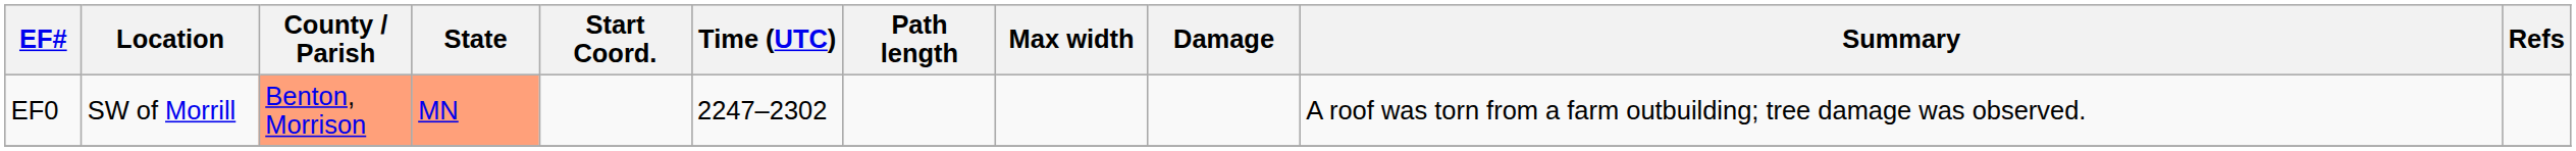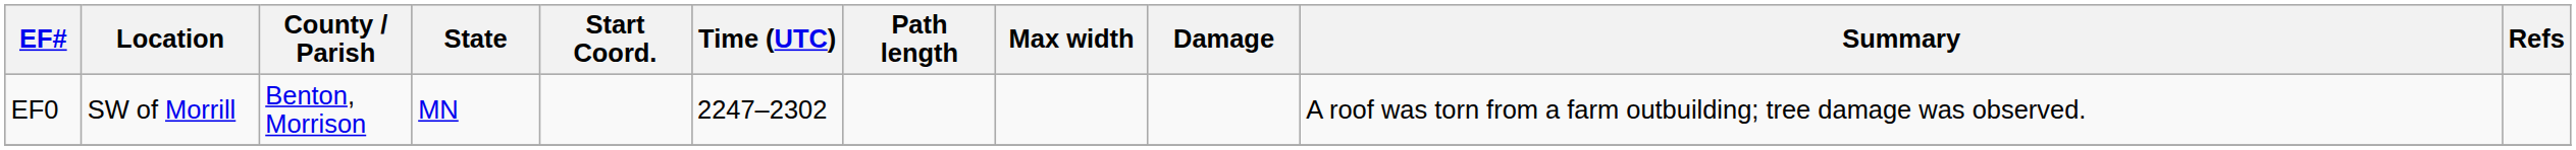 <table class="wikitable sortable" style="width:100%;">
 <tr>
 <th scope="col" width="3%" align="center"><a href='#'>EF#</a></th>
 <th scope="col" width="7%" align="center" class="unsortable">Location</th>
 <th scope="col" width="6%" align="center" class="unsortable">County / Parish</th>
 <th scope="col" width="5%" align="center">State</th>
 <th scope="col" width="6%" align="center">Start Coord.</th>
 <th scope="col" width="6%" align="center">Time (<a href='#'>UTC</a>)</th>
 <th scope="col" width="6%" align="center">Path length</th>
 <th scope="col" width="6%" align="center">Max width</th>
 <th scope="col" width="6%" align="center">Damage</th>
 <th scope="col" width="48%" class="unsortable" align="center">Summary</th>
 <th scope="col" width="48%" class="unsortable" align="center">Refs</th>
 </tr>
 <tr>
 <td>EF0</td>
 <td>SW of <a href='#'>Morrill</a></td>
-<td style="background: lightsalmon;"><a href='#'>Benton</a>, <a href='#'>Morrison</a></td>
-<td style="background: lightsalmon;"><a href='#'>MN</a></td>
+<td><a href='#'>Benton</a>, <a href='#'>Morrison</a></td>
+<td><a href='#'>MN</a></td>
 <td></td>
 <td>2247–2302</td>
 <td></td>
 <td></td>
 <td></td>
 <td>A roof was torn from a farm outbuilding; tree damage was observed.</td>
 <td></td>
 </tr>
 <tr>
 </tr>
 </table>
